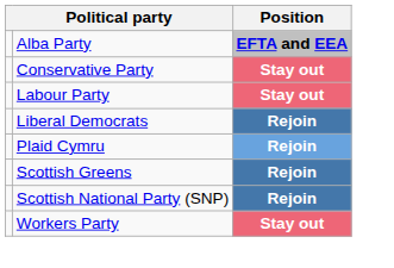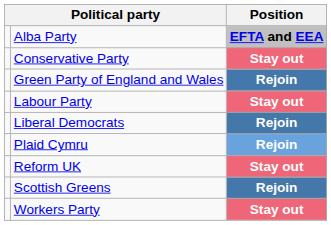 <table class="wikitable">
 <tr>
 <th colspan=2>Political party</th>
 <th>Position</th>
 </tr>
 <tr>
 <td style="background-color: "></td>
 <td><a href='#'>Alba Party</a></td>
 <th style="background:silver"><a href='#'>EFTA</a> and <a href='#'>EEA</a></th>
 </tr>
 <tr>
 <td style="background-color: "></td>
 <td><a href='#'>Conservative Party</a></td>
 <th style="background:#EE6677;color:#FFFFFF;">Stay out</th>
+</tr>
+<tr>
+<td style="background-color: "></td>
+<td><a href='#'>Green Party of England and Wales</a></td>
+<th style="background:#4477AA;color:#FFFFFF;">Rejoin</th>
 </tr>
 <tr>
 <td style="background-color: "></td>
 <td><a href='#'>Labour Party</a></td>
 <th style="background:#EE6677;color:#FFFFFF;">Stay out</th>
 </tr>
 <tr>
 <td style="background-color: "></td>
 <td><a href='#'>Liberal Democrats</a></td>
 <th style="background:#4477AA;color:#FFFFFF;">Rejoin</th>
 </tr>
 <tr>
 <td style="background-color: "></td>
 <td><a href='#'>Plaid Cymru</a></td>
 <th style="background:#68a3de;color:#FFFFFF;">Rejoin</th>
 </tr>
 <tr>
 <td style="background-color: "></td>
-<td><a href='#'>Scottish Greens</a></td>
-<th style="background:#4477AA;color:#FFFFFF;">Rejoin</th>
+<td><a href='#'>Reform UK</a></td>
+<th style="background:#EE6677;color:#FFFFFF;">Stay out</th>
 </tr>
 <tr>
 <td style="background-color: "></td>
-<td><a href='#'>Scottish National Party</a> (SNP)</td>
+<td><a href='#'>Scottish Greens</a></td>
 <th style="background:#4477AA;color:#FFFFFF;">Rejoin</th>
 </tr>
 <tr>
 <td style="background-color: "></td>
 <td><a href='#'>Workers Party</a></td>
 <th style="background:#EE6677;color:#FFFFFF;">Stay out</th>
 </tr>
 </table>
